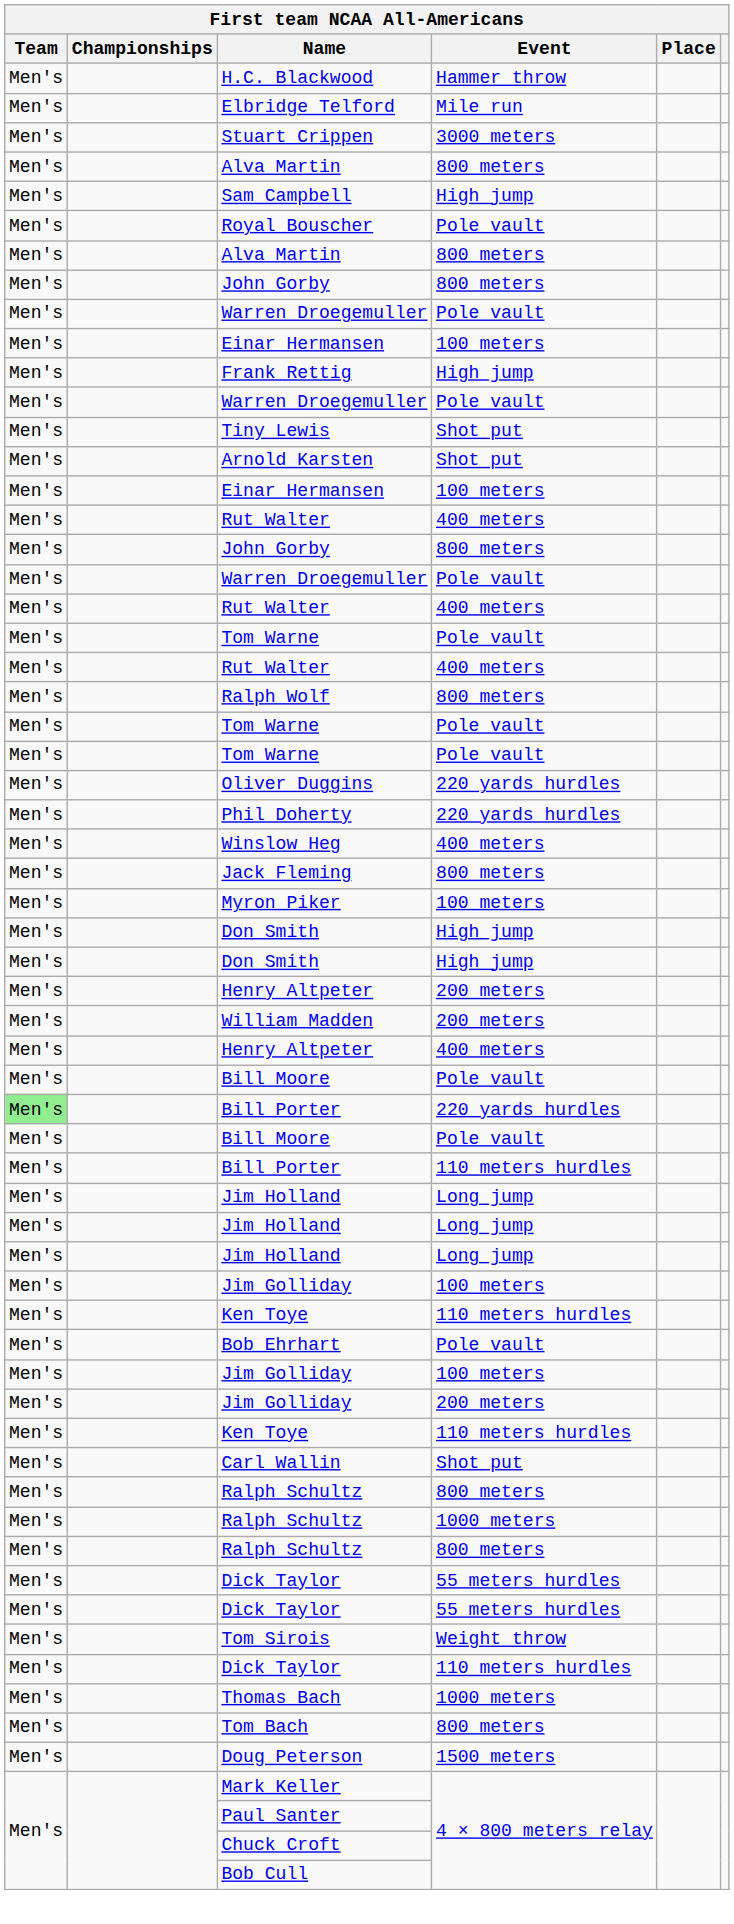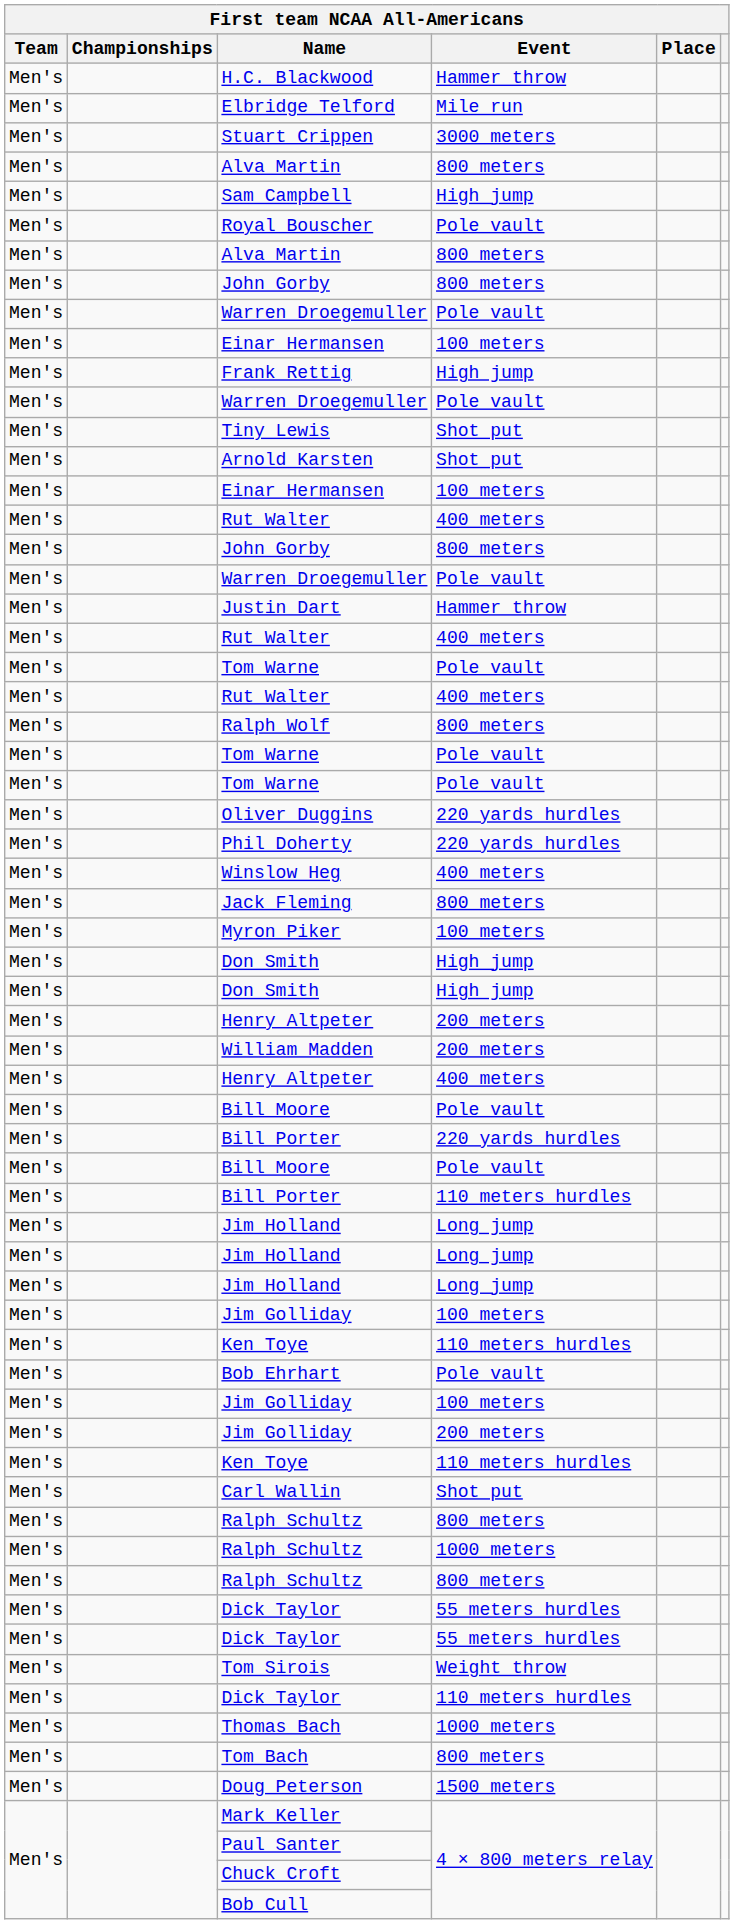 <table class="wikitable sortable">
 <tr>
 <th colspan="6">First team NCAA All-Americans</th>
 </tr>
 <tr>
 <th scope="col">Team</th>
 <th scope="col">Championships</th>
 <th scope="col">Name</th>
 <th scope="col">Event</th>
 <th scope="col">Place</th>
 <th scope="col"></th>
 </tr>
 <tr>
 <td>Men's</td>
 <td></td>
 <td><a href='#'>H.C. Blackwood</a></td>
 <td><a href='#'>Hammer throw</a></td>
 <td></td>
 <td></td>
 </tr>
 <tr>
 <td>Men's</td>
 <td></td>
 <td><a href='#'>Elbridge Telford</a></td>
 <td><a href='#'>Mile run</a></td>
 <td></td>
 <td></td>
 </tr>
 <tr>
 <td>Men's</td>
 <td></td>
 <td><a href='#'>Stuart Crippen</a></td>
 <td><a href='#'>3000 meters</a></td>
 <td></td>
 <td></td>
 </tr>
 <tr>
 <td>Men's</td>
 <td></td>
 <td><a href='#'>Alva Martin</a></td>
 <td><a href='#'>800 meters</a></td>
 <td></td>
 <td></td>
 </tr>
 <tr>
 <td>Men's</td>
 <td></td>
 <td><a href='#'>Sam Campbell</a></td>
 <td><a href='#'>High jump</a></td>
 <td></td>
 <td></td>
 </tr>
 <tr>
 <td>Men's</td>
 <td></td>
 <td><a href='#'>Royal Bouscher</a></td>
 <td><a href='#'>Pole vault</a></td>
 <td></td>
 <td></td>
 </tr>
 <tr>
 <td>Men's</td>
 <td></td>
 <td><a href='#'>Alva Martin</a></td>
 <td><a href='#'>800 meters</a></td>
 <td></td>
 <td></td>
 </tr>
 <tr>
 <td>Men's</td>
 <td></td>
 <td><a href='#'>John Gorby</a></td>
 <td><a href='#'>800 meters</a></td>
 <td></td>
 <td></td>
 </tr>
 <tr>
 <td>Men's</td>
 <td></td>
 <td><a href='#'>Warren Droegemuller</a></td>
 <td><a href='#'>Pole vault</a></td>
 <td></td>
 <td></td>
 </tr>
 <tr>
 <td>Men's</td>
 <td></td>
 <td><a href='#'>Einar Hermansen</a></td>
 <td><a href='#'>100 meters</a></td>
 <td></td>
 <td></td>
 </tr>
 <tr>
 <td>Men's</td>
 <td></td>
 <td><a href='#'>Frank Rettig</a></td>
 <td><a href='#'>High jump</a></td>
 <td></td>
 <td></td>
 </tr>
 <tr>
 <td>Men's</td>
 <td></td>
 <td><a href='#'>Warren Droegemuller</a></td>
 <td><a href='#'>Pole vault</a></td>
 <td></td>
 <td></td>
 </tr>
 <tr>
 <td>Men's</td>
 <td></td>
 <td><a href='#'>Tiny Lewis</a></td>
 <td><a href='#'>Shot put</a></td>
 <td></td>
 <td></td>
 </tr>
 <tr>
 <td>Men's</td>
 <td></td>
 <td><a href='#'>Arnold Karsten</a></td>
 <td><a href='#'>Shot put</a></td>
 <td></td>
 <td></td>
 </tr>
 <tr>
 <td>Men's</td>
 <td></td>
 <td><a href='#'>Einar Hermansen</a></td>
 <td><a href='#'>100 meters</a></td>
 <td></td>
 <td></td>
 </tr>
 <tr>
 <td>Men's</td>
 <td></td>
 <td><a href='#'>Rut Walter</a></td>
 <td><a href='#'>400 meters</a></td>
 <td></td>
 <td></td>
 </tr>
 <tr>
 <td>Men's</td>
 <td></td>
 <td><a href='#'>John Gorby</a></td>
 <td><a href='#'>800 meters</a></td>
 <td></td>
 <td></td>
 </tr>
 <tr>
 <td>Men's</td>
 <td></td>
 <td><a href='#'>Warren Droegemuller</a></td>
 <td><a href='#'>Pole vault</a></td>
 <td></td>
 <td></td>
 </tr>
 <tr>
 <td>Men's</td>
 <td></td>
+<td><a href='#'>Justin Dart</a></td>
+<td><a href='#'>Hammer throw</a></td>
+<td></td>
+<td></td>
+</tr>
+<tr>
+<td>Men's</td>
+<td></td>
 <td><a href='#'>Rut Walter</a></td>
 <td><a href='#'>400 meters</a></td>
 <td></td>
 <td></td>
 </tr>
 <tr>
 <td>Men's</td>
 <td></td>
 <td><a href='#'>Tom Warne</a></td>
 <td><a href='#'>Pole vault</a></td>
 <td></td>
 <td></td>
 </tr>
 <tr>
 <td>Men's</td>
 <td></td>
 <td><a href='#'>Rut Walter</a></td>
 <td><a href='#'>400 meters</a></td>
 <td></td>
 <td></td>
 </tr>
 <tr>
 <td>Men's</td>
 <td></td>
 <td><a href='#'>Ralph Wolf</a></td>
 <td><a href='#'>800 meters</a></td>
 <td></td>
 <td></td>
 </tr>
 <tr>
 <td>Men's</td>
 <td></td>
 <td><a href='#'>Tom Warne</a></td>
 <td><a href='#'>Pole vault</a></td>
 <td></td>
 <td></td>
 </tr>
 <tr>
 <td>Men's</td>
 <td></td>
 <td><a href='#'>Tom Warne</a></td>
 <td><a href='#'>Pole vault</a></td>
 <td></td>
 <td></td>
 </tr>
 <tr>
 <td>Men's</td>
 <td></td>
 <td><a href='#'>Oliver Duggins</a></td>
 <td><a href='#'>220 yards hurdles</a></td>
 <td></td>
 <td></td>
 </tr>
 <tr>
 <td>Men's</td>
 <td></td>
 <td><a href='#'>Phil Doherty</a></td>
 <td><a href='#'>220 yards hurdles</a></td>
 <td></td>
 <td></td>
 </tr>
 <tr>
 <td>Men's</td>
 <td></td>
 <td><a href='#'>Winslow Heg</a></td>
 <td><a href='#'>400 meters</a></td>
 <td></td>
 <td></td>
 </tr>
 <tr>
 <td>Men's</td>
 <td></td>
 <td><a href='#'>Jack Fleming</a></td>
 <td><a href='#'>800 meters</a></td>
 <td></td>
 <td></td>
 </tr>
 <tr>
 <td>Men's</td>
 <td></td>
 <td><a href='#'>Myron Piker</a></td>
 <td><a href='#'>100 meters</a></td>
 <td></td>
 <td></td>
 </tr>
 <tr>
 <td>Men's</td>
 <td></td>
 <td><a href='#'>Don Smith</a></td>
 <td><a href='#'>High jump</a></td>
 <td></td>
 <td></td>
 </tr>
 <tr>
 <td>Men's</td>
 <td></td>
 <td><a href='#'>Don Smith</a></td>
 <td><a href='#'>High jump</a></td>
 <td></td>
 <td></td>
 </tr>
 <tr>
 <td>Men's</td>
 <td></td>
 <td><a href='#'>Henry Altpeter</a></td>
 <td><a href='#'>200 meters</a></td>
 <td></td>
 <td></td>
 </tr>
 <tr>
 <td>Men's</td>
 <td></td>
 <td><a href='#'>William Madden</a></td>
 <td><a href='#'>200 meters</a></td>
 <td></td>
 <td></td>
 </tr>
 <tr>
 <td>Men's</td>
 <td></td>
 <td><a href='#'>Henry Altpeter</a></td>
 <td><a href='#'>400 meters</a></td>
 <td></td>
 <td></td>
 </tr>
 <tr>
 <td>Men's</td>
 <td></td>
 <td><a href='#'>Bill Moore</a></td>
 <td><a href='#'>Pole vault</a></td>
 <td></td>
 <td></td>
 </tr>
 <tr>
-<td style="background: lightgreen;">Men's</td>
+<td>Men's</td>
 <td></td>
 <td><a href='#'>Bill Porter</a></td>
 <td><a href='#'>220 yards hurdles</a></td>
 <td></td>
 <td></td>
 </tr>
 <tr>
 <td>Men's</td>
 <td></td>
 <td><a href='#'>Bill Moore</a></td>
 <td><a href='#'>Pole vault</a></td>
 <td></td>
 <td></td>
 </tr>
 <tr>
 <td>Men's</td>
 <td></td>
 <td><a href='#'>Bill Porter</a></td>
 <td><a href='#'>110 meters hurdles</a></td>
 <td></td>
 <td></td>
 </tr>
 <tr>
 <td>Men's</td>
 <td></td>
 <td><a href='#'>Jim Holland</a></td>
 <td><a href='#'>Long jump</a></td>
 <td></td>
 <td></td>
 </tr>
 <tr>
 <td>Men's</td>
 <td></td>
 <td><a href='#'>Jim Holland</a></td>
 <td><a href='#'>Long jump</a></td>
 <td></td>
 <td></td>
 </tr>
 <tr>
 <td>Men's</td>
 <td></td>
 <td><a href='#'>Jim Holland</a></td>
 <td><a href='#'>Long jump</a></td>
 <td></td>
 <td></td>
 </tr>
 <tr>
 <td>Men's</td>
 <td></td>
 <td><a href='#'>Jim Golliday</a></td>
 <td><a href='#'>100 meters</a></td>
 <td></td>
 <td></td>
 </tr>
 <tr>
 <td>Men's</td>
 <td></td>
 <td><a href='#'>Ken Toye</a></td>
 <td><a href='#'>110 meters hurdles</a></td>
 <td></td>
 <td></td>
 </tr>
 <tr>
 <td>Men's</td>
 <td></td>
 <td><a href='#'>Bob Ehrhart</a></td>
 <td><a href='#'>Pole vault</a></td>
 <td></td>
 <td></td>
 </tr>
 <tr>
 <td>Men's</td>
 <td></td>
 <td><a href='#'>Jim Golliday</a></td>
 <td><a href='#'>100 meters</a></td>
 <td></td>
 <td></td>
 </tr>
 <tr>
 <td>Men's</td>
 <td></td>
 <td><a href='#'>Jim Golliday</a></td>
 <td><a href='#'>200 meters</a></td>
 <td></td>
 <td></td>
 </tr>
 <tr>
 <td>Men's</td>
 <td></td>
 <td><a href='#'>Ken Toye</a></td>
 <td><a href='#'>110 meters hurdles</a></td>
 <td></td>
 <td></td>
 </tr>
 <tr>
 <td>Men's</td>
 <td></td>
 <td><a href='#'>Carl Wallin</a></td>
 <td><a href='#'>Shot put</a></td>
 <td></td>
 <td></td>
 </tr>
 <tr>
 <td>Men's</td>
 <td></td>
 <td><a href='#'>Ralph Schultz</a></td>
 <td><a href='#'>800 meters</a></td>
 <td></td>
 <td></td>
 </tr>
 <tr>
 <td>Men's</td>
 <td></td>
 <td><a href='#'>Ralph Schultz</a></td>
 <td><a href='#'>1000 meters</a></td>
 <td></td>
 <td></td>
 </tr>
 <tr>
 <td>Men's</td>
 <td></td>
 <td><a href='#'>Ralph Schultz</a></td>
 <td><a href='#'>800 meters</a></td>
 <td></td>
 <td></td>
 </tr>
 <tr>
 <td>Men's</td>
 <td></td>
 <td><a href='#'>Dick Taylor</a></td>
 <td><a href='#'>55 meters hurdles</a></td>
 <td></td>
 <td></td>
 </tr>
 <tr>
 <td>Men's</td>
 <td></td>
 <td><a href='#'>Dick Taylor</a></td>
 <td><a href='#'>55 meters hurdles</a></td>
 <td></td>
 <td></td>
 </tr>
 <tr>
 <td>Men's</td>
 <td></td>
 <td><a href='#'>Tom Sirois</a></td>
 <td><a href='#'>Weight throw</a></td>
 <td></td>
 <td></td>
 </tr>
 <tr>
 <td>Men's</td>
 <td></td>
 <td><a href='#'>Dick Taylor</a></td>
 <td><a href='#'>110 meters hurdles</a></td>
 <td></td>
 <td></td>
 </tr>
 <tr>
 <td>Men's</td>
 <td></td>
 <td><a href='#'>Thomas Bach</a></td>
 <td><a href='#'>1000 meters</a></td>
 <td></td>
 <td></td>
 </tr>
 <tr>
 <td>Men's</td>
 <td></td>
 <td><a href='#'>Tom Bach</a></td>
 <td><a href='#'>800 meters</a></td>
 <td></td>
 <td></td>
 </tr>
 <tr>
 <td>Men's</td>
 <td></td>
 <td><a href='#'>Doug Peterson</a></td>
 <td><a href='#'>1500 meters</a></td>
 <td></td>
 <td></td>
 </tr>
 <tr>
 <td rowspan=4>Men's</td>
 <td rowspan=4></td>
 <td><a href='#'>Mark Keller</a></td>
 <td rowspan=4><a href='#'>4 × 800 meters relay</a></td>
 <td rowspan=4></td>
 <td rowspan=4></td>
 </tr>
 <tr>
 <td><a href='#'>Paul Santer</a></td>
 </tr>
 <tr>
 <td><a href='#'>Chuck Croft</a></td>
 </tr>
 <tr>
 <td><a href='#'>Bob Cull</a></td>
 </tr>
 </table>
